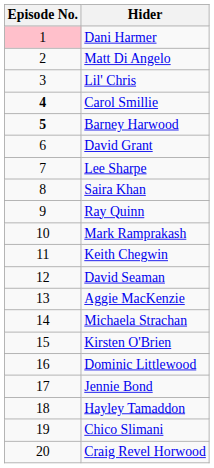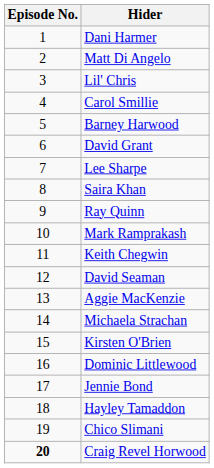 <table class="wikitable">
 <tr>
 <th>Episode No.</th>
 <th>Hider</th>
 </tr>
 <tr>
-<td align=center style="background: pink;">1</td>
+<td align=center>1</td>
 <td><a href='#'>Dani Harmer</a></td>
 </tr>
 <tr>
 <td align=center>2</td>
 <td><a href='#'>Matt Di Angelo</a></td>
 </tr>
 <tr>
 <td align=center>3</td>
 <td><a href='#'>Lil' Chris</a></td>
 </tr>
 <tr>
-<td align=center><strong>4</strong></td>
+<td align=center>4</td>
 <td><a href='#'>Carol Smillie</a></td>
 </tr>
 <tr>
-<td align=center><strong>5</strong></td>
+<td align=center>5</td>
 <td><a href='#'>Barney Harwood</a></td>
 </tr>
 <tr>
 <td align=center>6</td>
 <td><a href='#'>David Grant</a></td>
 </tr>
 <tr>
 <td align=center>7</td>
 <td><a href='#'>Lee Sharpe</a></td>
 </tr>
 <tr>
 <td align=center>8</td>
 <td><a href='#'>Saira Khan</a></td>
 </tr>
 <tr>
 <td align=center>9</td>
 <td><a href='#'>Ray Quinn</a></td>
 </tr>
 <tr>
 <td align=center>10</td>
 <td><a href='#'>Mark Ramprakash</a></td>
 </tr>
 <tr>
 <td align=center>11</td>
 <td><a href='#'>Keith Chegwin</a></td>
 </tr>
 <tr>
 <td align=center>12</td>
 <td><a href='#'>David Seaman</a></td>
 </tr>
 <tr>
 <td align=center>13</td>
 <td><a href='#'>Aggie MacKenzie</a></td>
 </tr>
 <tr>
 <td align=center>14</td>
 <td><a href='#'>Michaela Strachan</a></td>
 </tr>
 <tr>
 <td align=center>15</td>
 <td><a href='#'>Kirsten O'Brien</a></td>
 </tr>
 <tr>
 <td align=center>16</td>
 <td><a href='#'>Dominic Littlewood</a></td>
 </tr>
 <tr>
 <td align=center>17</td>
 <td><a href='#'>Jennie Bond</a></td>
 </tr>
 <tr>
 <td align=center>18</td>
 <td><a href='#'>Hayley Tamaddon</a></td>
 </tr>
 <tr>
 <td align=center>19</td>
 <td><a href='#'>Chico Slimani</a></td>
 </tr>
 <tr>
-<td align=center>20</td>
+<td align=center><strong>20</strong></td>
 <td><a href='#'>Craig Revel Horwood</a></td>
 </tr>
 </table>
